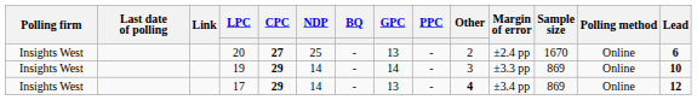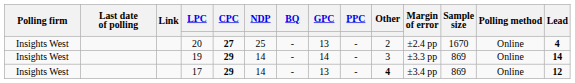 <table class="wikitable sortable mw-datatable" style="text-align:center;font-size:90%;line-height:14px;">
 <tr style="height:40px;">
 <th style="width:105px;" rowspan="2">Polling firm</th>
 <th style="width:105px;" rowspan="2">Last date<br>of polling</th>
 <th rowspan="2">Link</th>
 <th class="unsortable" style="width:40px;"><a href='#'>LPC</a></th>
 <th class="unsortable" style="width:40px;"><a href='#'>CPC</a></th>
 <th class="unsortable" style="width:40px;"><a href='#'>NDP</a></th>
 <th class="unsortable" style="width:40px;"><a href='#'>BQ</a></th>
 <th class="unsortable" style="width:40px;"><a href='#'>GPC</a></th>
 <th class="unsortable" style="width:40px;"><a href='#'>PPC</a></th>
 <th class="unsortable" style="width:40px;">Other</th>
 <th rowspan="2">Margin<br>of error</th>
 <th rowspan="2">Sample<br>size</th>
 <th rowspan="2">Polling method</th>
 <th rowspan="2">Lead</th>
 </tr>
 <tr>
 <th style="background:"></th>
 <th style="background:"></th>
 <th style="background:"></th>
 <th style="background:"></th>
 <th style="background:"></th>
 <th style="background:"></th>
 <th style="background:"></th>
 </tr>
 <tr>
 <td>Insights West</td>
 <td></td>
 <td></td>
 <td>20</td>
 <td><strong>27</strong></td>
 <td>25</td>
 <td>-</td>
 <td>13</td>
 <td>-</td>
 <td>2</td>
 <td>±2.4 pp</td>
 <td>1670</td>
 <td>Online</td>
-<td><strong>6</strong></td>
+<td><strong>4</strong></td>
 </tr>
 <tr>
 <td>Insights West</td>
 <td></td>
 <td></td>
 <td>19</td>
 <td><strong>29</strong></td>
 <td>14</td>
 <td>-</td>
 <td>14</td>
 <td>-</td>
 <td>3</td>
 <td>±3.3 pp</td>
 <td>869</td>
 <td>Online</td>
-<td><strong>10</strong></td>
+<td><strong>14</strong></td>
 </tr>
 <tr>
 <td>Insights West</td>
 <td></td>
 <td></td>
 <td>17</td>
 <td><strong>29</strong></td>
 <td>14</td>
 <td>-</td>
 <td>13</td>
 <td>-</td>
 <td><strong>4</strong></td>
 <td>±3.4 pp</td>
 <td>869</td>
 <td>Online</td>
 <td><strong>12</strong></td>
 </tr>
 </table>
